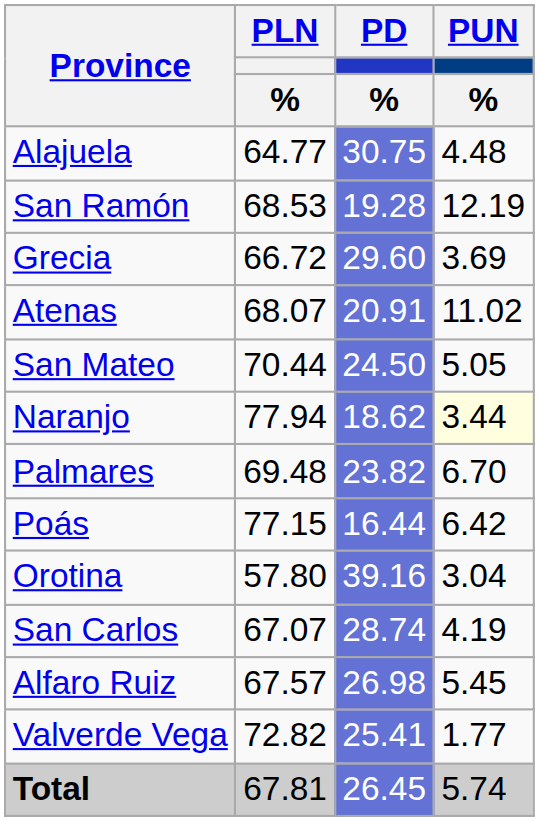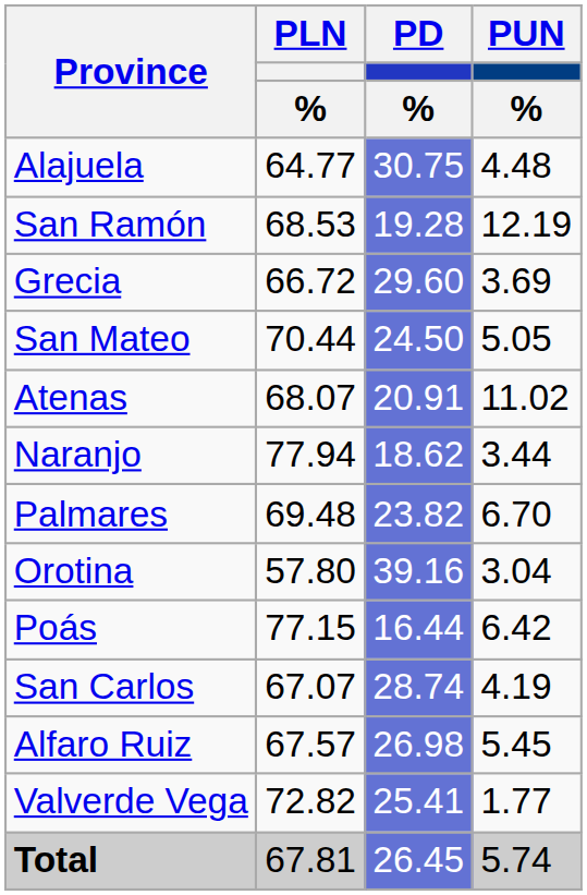 <table class="wikitable mw-collapsible mw-collapsed">
 <tr>
 <th rowspan="3"><a href='#'>Province</a></th>
 <th colspan="1" width="40px"><a href='#'>PLN</a></th>
 <th colspan="1" width="40px"><a href='#'>PD</a></th>
 <th colspan="1" width="40px"><a href='#'>PUN</a></th>
 </tr>
 <tr>
 <th colspan="1" style="background:"></th>
 <th colspan="1" style="background:#2136C2"></th>
 <th colspan="1" style="background:#013d82"></th>
 </tr>
 <tr>
 <th data-sort-type="number">%</th>
 <th data-sort-type="number">%</th>
 <th data-sort-type="number">%</th>
 </tr>
 <tr>
 <td align="left"><a href='#'>Alajuela</a></td>
 <td style="background:">64.77</td>
 <td style="background:#6372d4; color:white;">30.75</td>
 <td>4.48</td>
 </tr>
 <tr>
 <td align="left"><a href='#'>San Ramón</a></td>
 <td style="background:">68.53</td>
 <td style="background:#6372d4; color:white;">19.28</td>
 <td>12.19</td>
 </tr>
 <tr>
 <td align="left"><a href='#'>Grecia</a></td>
 <td style="background:">66.72</td>
 <td style="background:#6372d4; color:white;">29.60</td>
 <td>3.69</td>
 </tr>
 <tr>
+<td align="left"><a href='#'>San Mateo</a></td>
+<td style="background:">70.44</td>
+<td style="background:#6372d4; color:white;">24.50</td>
+<td>5.05</td>
+</tr>
+<tr>
 <td align="left"><a href='#'>Atenas</a></td>
 <td style="background:">68.07</td>
 <td style="background:#6372d4; color:white;">20.91</td>
 <td>11.02</td>
 </tr>
 <tr>
-<td align="left"><a href='#'>San Mateo</a></td>
-<td style="background:">70.44</td>
-<td style="background:#6372d4; color:white;">24.50</td>
-<td>5.05</td>
-</tr>
-<tr>
 <td align="left"><a href='#'>Naranjo</a></td>
 <td style="background:">77.94</td>
 <td style="background:#6372d4; color:white;">18.62</td>
-<td style="background: lightyellow;">3.44</td>
+<td>3.44</td>
 </tr>
 <tr>
 <td align="left"><a href='#'>Palmares</a></td>
 <td style="background:">69.48</td>
 <td style="background:#6372d4; color:white;">23.82</td>
 <td>6.70</td>
 </tr>
 <tr>
+<td align="left"><a href='#'>Orotina</a></td>
+<td style="background:">57.80</td>
+<td style="background:#6372d4; color:white;">39.16</td>
+<td>3.04</td>
+</tr>
+<tr>
 <td align="left"><a href='#'>Poás</a></td>
 <td style="background:">77.15</td>
 <td style="background:#6372d4; color:white;">16.44</td>
 <td>6.42</td>
-</tr>
-<tr>
-<td align="left"><a href='#'>Orotina</a></td>
-<td style="background:">57.80</td>
-<td style="background:#6372d4; color:white;">39.16</td>
-<td>3.04</td>
 </tr>
 <tr>
 <td align="left"><a href='#'>San Carlos</a></td>
 <td style="background:">67.07</td>
 <td style="background:#6372d4; color:white;">28.74</td>
 <td>4.19</td>
 </tr>
 <tr>
 <td align="left"><a href='#'>Alfaro Ruiz</a></td>
 <td style="background:">67.57</td>
 <td style="background:#6372d4; color:white;">26.98</td>
 <td>5.45</td>
 </tr>
 <tr>
 <td align="left"><a href='#'>Valverde Vega</a></td>
 <td style="background:">72.82</td>
 <td style="background:#6372d4; color:white;">25.41</td>
 <td>1.77</td>
 </tr>
 <tr style="background:#CDCDCD;">
 <td align="left"><strong>Total</strong></td>
 <td style="background:">67.81</td>
 <td style="background:#6372d4; color:white;">26.45</td>
 <td>5.74</td>
 </tr>
 </table>
